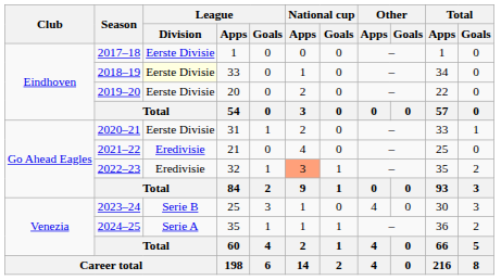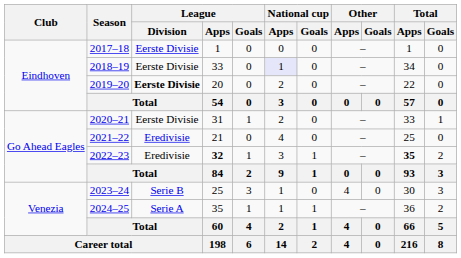 <table class="wikitable" style="text-align:center">
 <tr>
 <th rowspan="2">Club</th>
 <th rowspan="2">Season</th>
 <th colspan="3">League</th>
 <th colspan="2">National cup</th>
 <th colspan="2">Other</th>
 <th colspan="2">Total</th>
 </tr>
 <tr>
 <th>Division</th>
 <th>Apps</th>
 <th>Goals</th>
 <th>Apps</th>
 <th>Goals</th>
 <th>Apps</th>
 <th>Goals</th>
 <th>Apps</th>
 <th>Goals</th>
 </tr>
 <tr>
 <td rowspan="4"><a href='#'>Eindhoven</a></td>
 <td><a href='#'>2017–18</a></td>
 <td><a href='#'>Eerste Divisie</a></td>
 <td>1</td>
 <td>0</td>
 <td>0</td>
 <td>0</td>
 <td colspan="2">–</td>
 <td>1</td>
 <td>0</td>
 </tr>
 <tr>
 <td><a href='#'>2018–19</a></td>
-<td style="background: lightyellow;">Eerste Divisie</td>
+<td>Eerste Divisie</td>
 <td>33</td>
 <td>0</td>
-<td>1</td>
+<td style="background: lavender;">1</td>
 <td>0</td>
 <td colspan="2">–</td>
 <td>34</td>
 <td>0</td>
 </tr>
 <tr>
 <td><a href='#'>2019–20</a></td>
-<td>Eerste Divisie</td>
+<td><strong>Eerste Divisie</strong></td>
 <td>20</td>
 <td>0</td>
 <td>2</td>
 <td>0</td>
 <td colspan="2">–</td>
 <td>22</td>
 <td>0</td>
 </tr>
 <tr>
 <th colspan="2">Total</th>
 <th>54</th>
 <th>0</th>
 <th>3</th>
 <th>0</th>
 <th>0</th>
 <th>0</th>
 <th>57</th>
 <th>0</th>
 </tr>
 <tr>
 <td rowspan="4"><a href='#'>Go Ahead Eagles</a></td>
 <td><a href='#'>2020–21</a></td>
 <td>Eerste Divisie</td>
 <td>31</td>
 <td>1</td>
 <td>2</td>
 <td>0</td>
 <td colspan="2">–</td>
 <td>33</td>
 <td>1</td>
 </tr>
 <tr>
 <td><a href='#'>2021–22</a></td>
 <td><a href='#'>Eredivisie</a></td>
 <td>21</td>
 <td>0</td>
 <td>4</td>
 <td>0</td>
 <td colspan="2">–</td>
 <td>25</td>
 <td>0</td>
 </tr>
 <tr>
 <td><a href='#'>2022–23</a></td>
 <td>Eredivisie</td>
-<td>32</td>
+<td><strong>32</strong></td>
 <td>1</td>
-<td style="background: lightsalmon;">3</td>
+<td>3</td>
 <td>1</td>
 <td colspan="2">–</td>
-<td>35</td>
+<td><strong>35</strong></td>
 <td>2</td>
 </tr>
 <tr>
 <th colspan="2">Total</th>
 <th>84</th>
 <th>2</th>
 <th>9</th>
 <th>1</th>
 <th>0</th>
 <th>0</th>
 <th>93</th>
 <th>3</th>
 </tr>
 <tr>
 <td rowspan="3"><a href='#'>Venezia</a></td>
 <td><a href='#'>2023–24</a></td>
 <td><a href='#'>Serie B</a></td>
 <td>25</td>
 <td>3</td>
 <td>1</td>
 <td>0</td>
 <td>4</td>
 <td>0</td>
 <td>30</td>
 <td>3</td>
 </tr>
 <tr>
 <td><a href='#'>2024–25</a></td>
 <td><a href='#'>Serie A</a></td>
 <td>35</td>
 <td>1</td>
 <td>1</td>
 <td>1</td>
 <td colspan="2">–</td>
 <td>36</td>
 <td>2</td>
 </tr>
 <tr>
 <th colspan="2">Total</th>
 <th>60</th>
 <th>4</th>
 <th>2</th>
 <th>1</th>
 <th>4</th>
 <th>0</th>
 <th>66</th>
 <th>5</th>
 </tr>
 <tr>
 <th colspan="3">Career total</th>
 <th>198</th>
 <th>6</th>
 <th>14</th>
 <th>2</th>
 <th>4</th>
 <th>0</th>
 <th>216</th>
 <th>8</th>
 </tr>
 </table>
